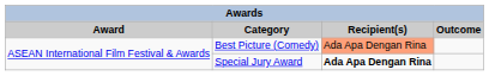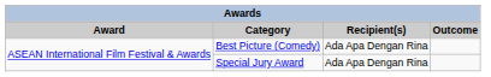 <table class="wikitable" style="font-size:90%">
 <tr style="text-align:center;">
 <th colspan=4 style="background:#B0C4DE;">Awards</th>
 </tr>
 <tr style="text-align:center;">
 <th style="background:#ccc;">Award</th>
 <th style="background:#ccc;">Category</th>
 <th style="background:#ccc;">Recipient(s)</th>
 <th style="background:#ccc;">Outcome</th>
 </tr>
 <tr>
 <td rowspan=2><a href='#'>ASEAN International Film Festival & Awards</a></td>
 <td><a href='#'>Best Picture (Comedy)</a></td>
-<td style="background: lightsalmon;">Ada Apa Dengan Rina</td>
+<td>Ada Apa Dengan Rina</td>
 <td></td>
 </tr>
 <tr>
 <td><a href='#'>Special Jury Award</a></td>
-<td><strong>Ada Apa Dengan Rina</strong></td>
+<td>Ada Apa Dengan Rina</td>
 <td></td>
 </tr>
 </table>
